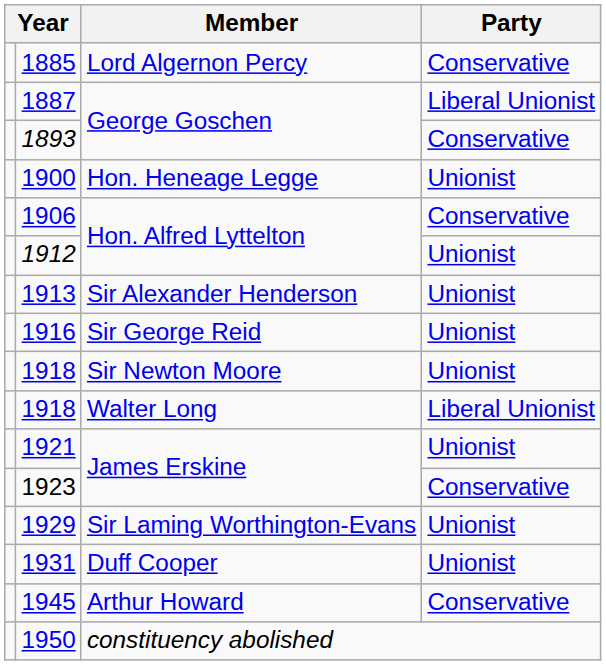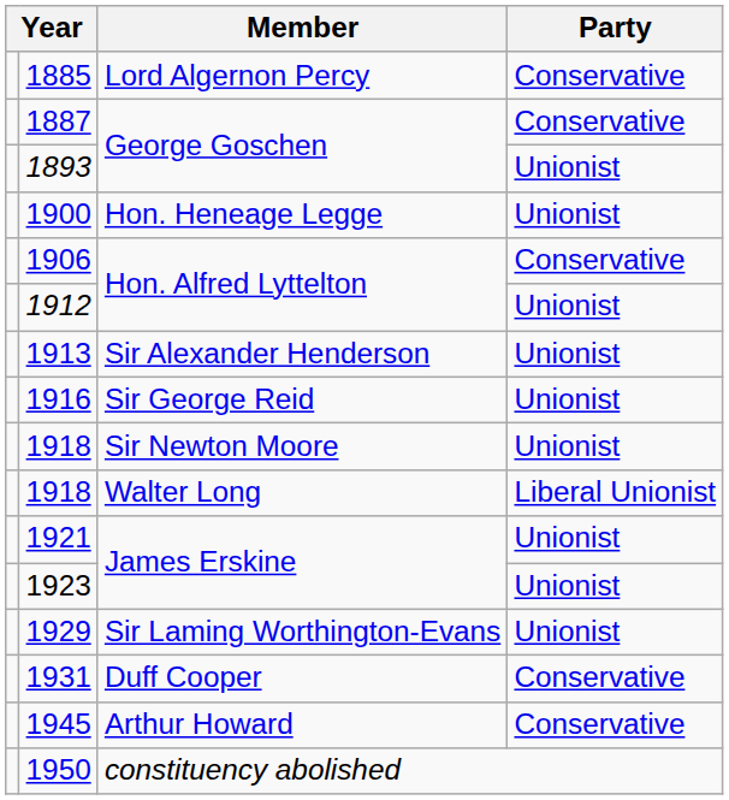 <table class="wikitable">
 <tr>
 <th colspan="2">Year</th>
 <th>Member</th>
 <th>Party</th>
 </tr>
 <tr>
 <td style="color:inherit;background-color: "></td>
 <td><a href='#'>1885</a></td>
 <td><a href='#'>Lord Algernon Percy</a></td>
 <td><a href='#'>Conservative</a></td>
 </tr>
 <tr>
 <td style="color:inherit;background-color: "></td>
 <td><a href='#'>1887</a></td>
 <td rowspan="2"><a href='#'>George Goschen</a></td>
-<td><a href='#'>Liberal Unionist</a></td>
+<td><a href='#'>Conservative</a></td>
 </tr>
 <tr>
 <td style="color:inherit;background-color: "></td>
 <td><em>1893</em></td>
-<td><a href='#'>Conservative</a></td>
+<td><a href='#'>Unionist</a></td>
 </tr>
 <tr>
 <td style="color:inherit;background-color: "></td>
 <td><a href='#'>1900</a></td>
 <td><a href='#'>Hon. Heneage Legge</a></td>
 <td><a href='#'>Unionist</a></td>
 </tr>
 <tr>
 <td style="color:inherit;background-color: "></td>
 <td><a href='#'>1906</a></td>
 <td rowspan="2"><a href='#'>Hon. Alfred Lyttelton</a></td>
 <td><a href='#'>Conservative</a></td>
 </tr>
 <tr>
 <td style="color:inherit;background-color: "></td>
 <td><em>1912</em></td>
 <td><a href='#'>Unionist</a></td>
 </tr>
 <tr>
 <td style="color:inherit;background-color: "></td>
 <td><a href='#'>1913</a></td>
 <td><a href='#'>Sir Alexander Henderson</a></td>
 <td><a href='#'>Unionist</a></td>
 </tr>
 <tr>
 <td style="color:inherit;background-color: "></td>
 <td><a href='#'>1916</a></td>
 <td><a href='#'>Sir George Reid</a></td>
 <td><a href='#'>Unionist</a></td>
 </tr>
 <tr>
 <td style="color:inherit;background-color: "></td>
 <td><a href='#'>1918</a></td>
 <td><a href='#'>Sir Newton Moore</a></td>
 <td><a href='#'>Unionist</a></td>
 </tr>
 <tr>
 <td style="color:inherit;background-color: "></td>
 <td><a href='#'>1918</a></td>
 <td><a href='#'>Walter Long</a></td>
 <td><a href='#'>Liberal Unionist</a></td>
 </tr>
 <tr>
 <td style="color:inherit;background-color: "></td>
 <td><a href='#'>1921</a></td>
 <td rowspan="2"><a href='#'>James Erskine</a></td>
 <td><a href='#'>Unionist</a></td>
 </tr>
 <tr>
 <td style="color:inherit;background-color: "></td>
 <td>1923</td>
-<td><a href='#'>Conservative</a></td>
+<td><a href='#'>Unionist</a></td>
 </tr>
 <tr>
 <td style="color:inherit;background-color: "></td>
 <td><a href='#'>1929</a></td>
 <td><a href='#'>Sir Laming Worthington-Evans</a></td>
 <td><a href='#'>Unionist</a></td>
 </tr>
 <tr>
 <td style="color:inherit;background-color: "></td>
 <td><a href='#'>1931</a></td>
 <td><a href='#'>Duff Cooper</a></td>
-<td><a href='#'>Unionist</a></td>
+<td><a href='#'>Conservative</a></td>
 </tr>
 <tr>
 <td style="color:inherit;background-color: "></td>
 <td><a href='#'>1945</a></td>
 <td><a href='#'>Arthur Howard</a></td>
 <td><a href='#'>Conservative</a></td>
 </tr>
 <tr>
 <td></td>
 <td><a href='#'>1950</a></td>
 <td colspan="2"><em>constituency abolished</em></td>
 </tr>
 </table>
